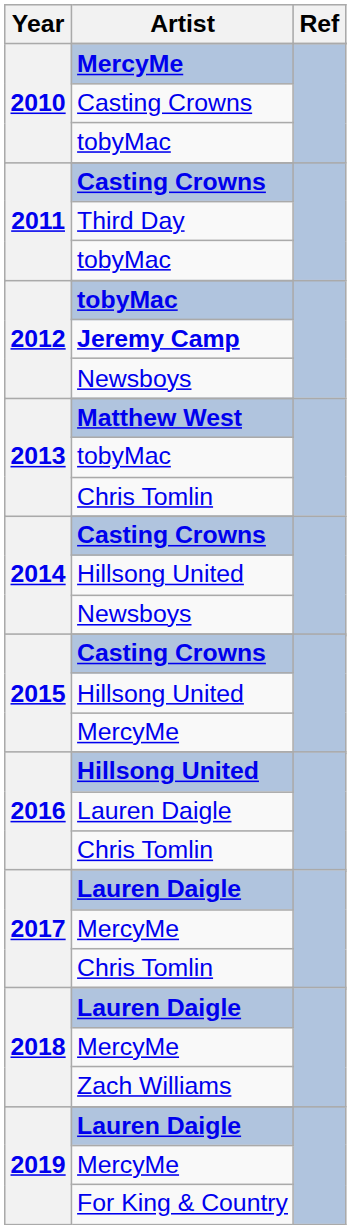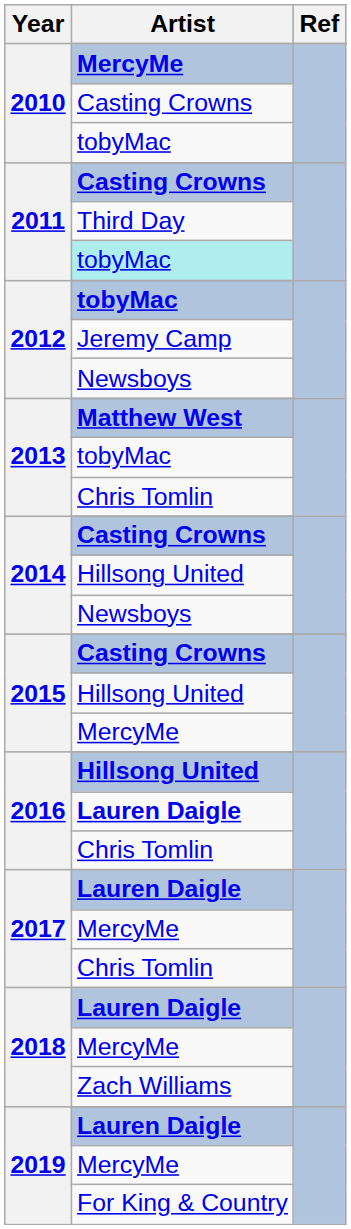 <table class="wikitable">
 <tr>
 <th>Year</th>
 <th>Artist</th>
 <th>Ref</th>
 </tr>
 <tr>
 <th rowspan="4" align="center"><a href='#'>2010<br></a></th>
 </tr>
 <tr style="background:#B0C4DE">
 <td><strong><a href='#'>MercyMe</a></strong></td>
 <td rowspan="4" align="center"></td>
 </tr>
 <tr>
 <td><a href='#'>Casting Crowns</a></td>
 </tr>
 <tr>
 <td><a href='#'>tobyMac</a></td>
 </tr>
 <tr>
 <th rowspan="4" align="center"><a href='#'>2011<br></a></th>
 </tr>
 <tr style="background:#B0C4DE">
 <td><strong><a href='#'>Casting Crowns</a></strong></td>
 <td rowspan="4" align="center"></td>
 </tr>
 <tr>
 <td><a href='#'>Third Day</a></td>
 </tr>
 <tr>
-<td><a href='#'>tobyMac</a></td>
+<td style="background: paleturquoise;"><a href='#'>tobyMac</a></td>
 </tr>
 <tr>
 <th rowspan="4" align="center"><a href='#'>2012<br></a></th>
 </tr>
 <tr style="background:#B0C4DE">
 <td><strong><a href='#'>tobyMac</a></strong></td>
 <td rowspan="4" align="center"></td>
 </tr>
 <tr>
-<td><strong><a href='#'>Jeremy Camp</a></strong></td>
+<td><a href='#'>Jeremy Camp</a></td>
 </tr>
 <tr>
 <td><a href='#'>Newsboys</a></td>
 </tr>
 <tr>
 <th rowspan="4" align="center"><a href='#'>2013<br></a></th>
 </tr>
 <tr style="background:#B0C4DE">
 <td><strong><a href='#'>Matthew West</a></strong></td>
 <td rowspan="4" align="center"></td>
 </tr>
 <tr>
 <td><a href='#'>tobyMac</a></td>
 </tr>
 <tr>
 <td><a href='#'>Chris Tomlin</a></td>
 </tr>
 <tr>
 <th rowspan="4" align="center"><a href='#'>2014<br></a></th>
 </tr>
 <tr style="background:#B0C4DE">
 <td><strong><a href='#'>Casting Crowns</a></strong></td>
 <td rowspan="4" align="center"></td>
 </tr>
 <tr>
 <td><a href='#'>Hillsong United</a></td>
 </tr>
 <tr>
 <td><a href='#'>Newsboys</a></td>
 </tr>
 <tr>
 <th rowspan="4" align="center"><a href='#'>2015<br></a></th>
 </tr>
 <tr style="background:#B0C4DE">
 <td><strong><a href='#'>Casting Crowns</a></strong></td>
 <td rowspan="4" align="center"></td>
 </tr>
 <tr>
 <td><a href='#'>Hillsong United</a></td>
 </tr>
 <tr>
 <td><a href='#'>MercyMe</a></td>
 </tr>
 <tr>
 <th rowspan="4" align="center"><a href='#'>2016<br></a></th>
 </tr>
 <tr style="background:#B0C4DE">
 <td><strong><a href='#'>Hillsong United</a></strong></td>
 <td rowspan="4" align="center"></td>
 </tr>
 <tr>
-<td><a href='#'>Lauren Daigle</a></td>
+<td><strong><a href='#'>Lauren Daigle</a></strong></td>
 </tr>
 <tr>
 <td><a href='#'>Chris Tomlin</a></td>
 </tr>
 <tr>
 <th rowspan="4" align="center"><a href='#'>2017<br></a></th>
 </tr>
 <tr style="background:#B0C4DE">
 <td><strong><a href='#'>Lauren Daigle</a></strong></td>
 <td rowspan="4" align="center"></td>
 </tr>
 <tr>
 <td><a href='#'>MercyMe</a></td>
 </tr>
 <tr>
 <td><a href='#'>Chris Tomlin</a></td>
 </tr>
 <tr>
 <th rowspan="4" align="center"><a href='#'>2018<br></a></th>
 </tr>
 <tr style="background:#B0C4DE">
 <td><strong><a href='#'>Lauren Daigle</a></strong></td>
 <td rowspan="4" align="center"></td>
 </tr>
 <tr>
 <td><a href='#'>MercyMe</a></td>
 </tr>
 <tr>
 <td><a href='#'>Zach Williams</a></td>
 </tr>
 <tr>
 <th rowspan="4" align="center"><a href='#'>2019<br></a></th>
 </tr>
 <tr style="background:#B0C4DE">
 <td><strong><a href='#'>Lauren Daigle</a></strong></td>
 <td rowspan="4" align="center"></td>
 </tr>
 <tr>
 <td><a href='#'>MercyMe</a></td>
 </tr>
 <tr>
 <td><a href='#'>For King & Country</a></td>
 </tr>
 </table>
